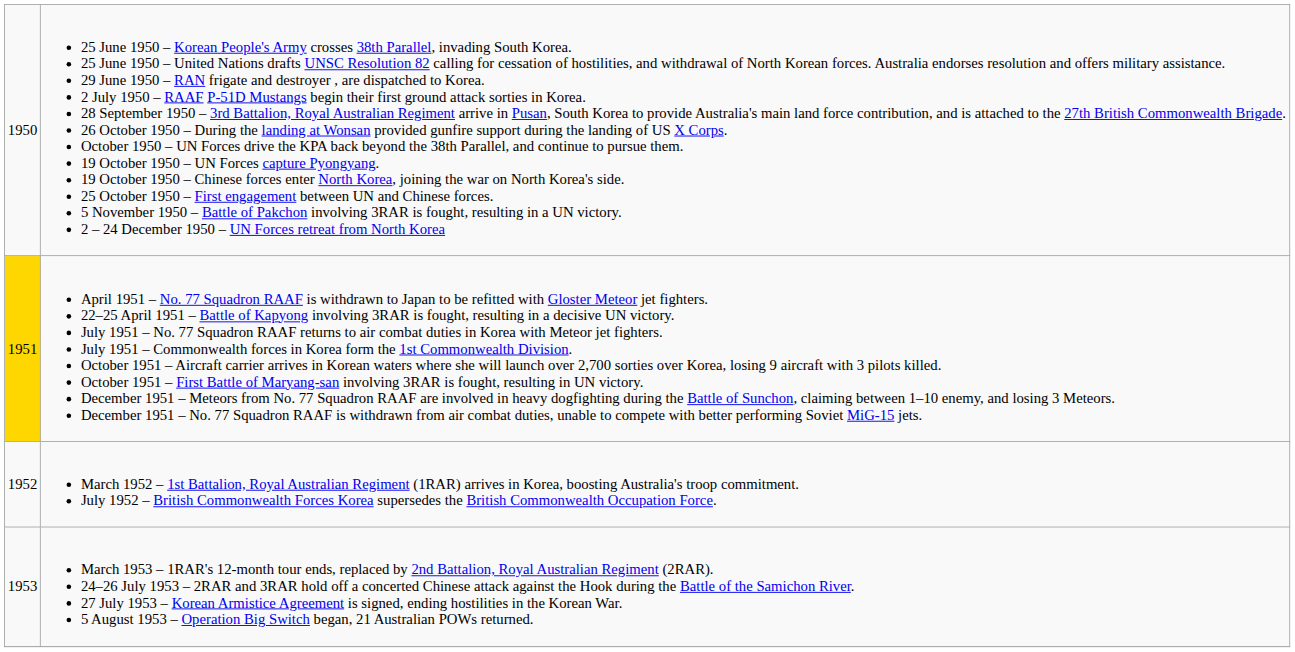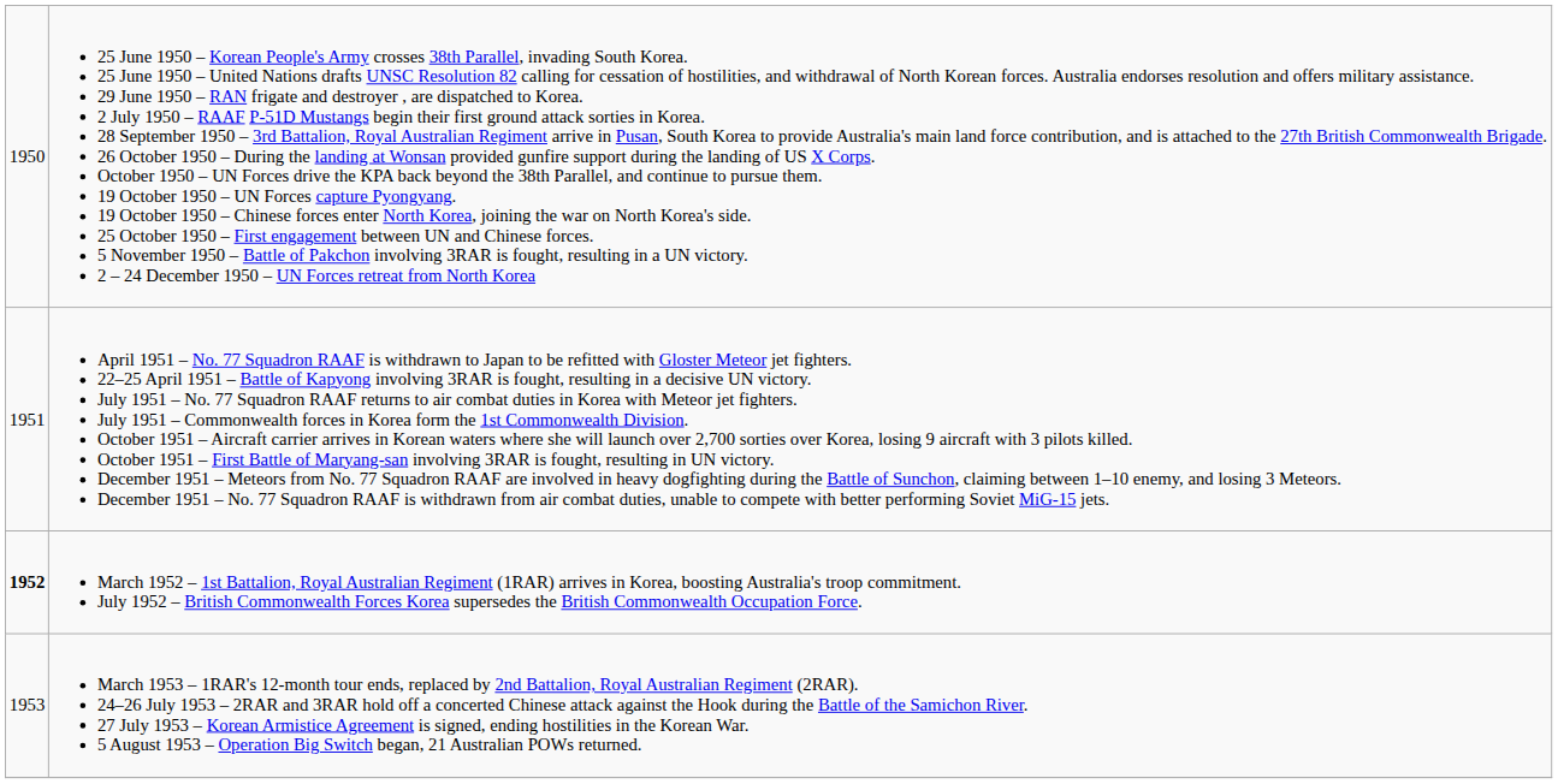 <table class="wikitable">
 <tr>
 <td>1950</td>
 <td><br><ul><li>25 June 1950 – <a href='#'>Korean People's Army</a> crosses <a href='#'>38th Parallel</a>, invading South Korea.</li><li>25 June 1950 – United Nations drafts <a href='#'>UNSC Resolution 82</a> calling for cessation of hostilities, and withdrawal of North Korean forces. Australia endorses resolution and offers military assistance.</li><li>29 June 1950 – <a href='#'>RAN</a> frigate  and destroyer , are dispatched to Korea.</li><li>2 July 1950 – <a href='#'>RAAF</a> <a href='#'>P-51D Mustangs</a> begin their first ground attack sorties in Korea.</li><li>28 September 1950 – <a href='#'>3rd Battalion, Royal Australian Regiment</a> arrive in <a href='#'>Pusan</a>, South Korea to provide Australia's main land force contribution, and is attached to the <a href='#'>27th British Commonwealth Brigade</a>.</li><li>26 October 1950 – During the <a href='#'>landing at Wonsan</a>   provided gunfire support during the landing of US <a href='#'>X Corps</a>.</li><li>October 1950 – UN Forces drive the KPA back beyond the 38th Parallel, and continue to pursue them.</li><li>19 October 1950 – UN Forces <a href='#'>capture Pyongyang</a>.</li><li>19 October 1950 – Chinese forces enter <a href='#'>North Korea</a>, joining the war on North Korea's side.</li><li>25 October 1950 – <a href='#'>First engagement</a> between UN and Chinese forces.</li><li>5 November 1950 – <a href='#'>Battle of Pakchon</a> involving 3RAR is fought, resulting in a UN victory.</li><li>2 – 24 December 1950 – <a href='#'>UN Forces retreat from North Korea</a></li></ul></td>
 </tr>
 <tr>
-<td style="background: gold;">1951</td>
+<td>1951</td>
 <td><br><ul><li>April 1951 – <a href='#'>No. 77 Squadron RAAF</a> is withdrawn to Japan to be refitted with <a href='#'>Gloster Meteor</a> jet fighters.</li><li>22–25 April 1951 – <a href='#'>Battle of Kapyong</a> involving 3RAR is fought, resulting in a decisive UN victory.</li><li>July 1951 – No. 77 Squadron RAAF returns to air combat duties in Korea with Meteor jet fighters.</li><li>July 1951 – Commonwealth forces in Korea form the <a href='#'>1st Commonwealth Division</a>.</li><li>October 1951 – Aircraft carrier  arrives in Korean waters where she will launch over 2,700 sorties over Korea, losing 9 aircraft with 3 pilots killed.</li><li>October 1951 – <a href='#'>First Battle of Maryang-san</a> involving 3RAR is fought, resulting in UN victory.</li><li>December 1951 – Meteors from No. 77 Squadron RAAF are involved in heavy dogfighting during the <a href='#'>Battle of Sunchon</a>, claiming between 1–10 enemy, and losing 3 Meteors.</li><li>December 1951 – No. 77 Squadron RAAF is withdrawn from air combat duties, unable to compete with better performing Soviet <a href='#'>MiG-15</a> jets.</li></ul></td>
 </tr>
 <tr>
-<td>1952</td>
+<td><strong>1952</strong></td>
 <td><br><ul><li>March 1952 – <a href='#'>1st Battalion, Royal Australian Regiment</a> (1RAR) arrives in Korea, boosting Australia's troop commitment.</li><li>July 1952 – <a href='#'>British Commonwealth Forces Korea</a> supersedes the <a href='#'>British Commonwealth Occupation Force</a>.</li></ul></td>
 </tr>
 <tr>
 <td>1953</td>
 <td><br><ul><li>March 1953 – 1RAR's 12-month tour ends, replaced by <a href='#'>2nd Battalion, Royal Australian Regiment</a> (2RAR).</li><li>24–26 July 1953 – 2RAR and 3RAR hold off a concerted Chinese attack against the Hook during the <a href='#'>Battle of the Samichon River</a>.</li><li>27 July 1953 – <a href='#'>Korean Armistice Agreement</a> is signed, ending hostilities in the Korean War.</li><li>5 August 1953 – <a href='#'>Operation Big Switch</a> began, 21 Australian POWs returned.</li></ul></td>
 </tr>
 <tr>
 </tr>
 </table>
